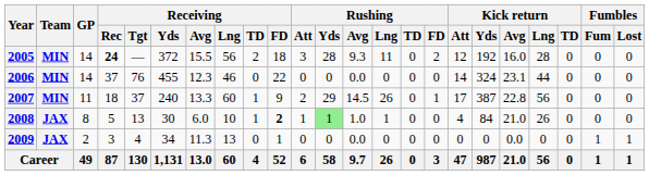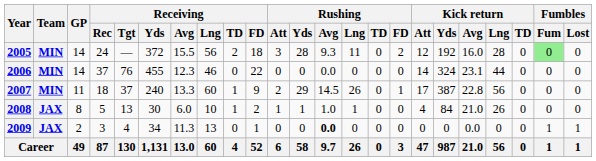 <table class="wikitable" style="text-align: center;">
 <tr>
 <th rowspan="2">Year</th>
 <th rowspan="2">Team</th>
 <th rowspan="2">GP</th>
 <th colspan="7">Receiving</th>
 <th colspan="6">Rushing</th>
 <th colspan="5">Kick return</th>
 <th colspan="2">Fumbles</th>
 </tr>
 <tr>
 <th>Rec</th>
 <th>Tgt</th>
 <th>Yds</th>
 <th>Avg</th>
 <th>Lng</th>
 <th>TD</th>
 <th>FD</th>
 <th>Att</th>
 <th>Yds</th>
 <th>Avg</th>
 <th>Lng</th>
 <th>TD</th>
 <th>FD</th>
 <th>Att</th>
 <th>Yds</th>
 <th>Avg</th>
 <th>Lng</th>
 <th>TD</th>
 <th>Fum</th>
 <th>Lost</th>
 </tr>
 <tr>
 <th><a href='#'>2005</a></th>
 <th><a href='#'>MIN</a></th>
 <td>14</td>
-<td><strong>24</strong></td>
+<td>24</td>
 <td>—</td>
 <td>372</td>
 <td>15.5</td>
 <td>56</td>
 <td>2</td>
 <td>18</td>
 <td>3</td>
 <td>28</td>
 <td>9.3</td>
 <td>11</td>
 <td>0</td>
 <td>2</td>
 <td>12</td>
 <td>192</td>
 <td>16.0</td>
 <td>28</td>
 <td>0</td>
-<td>0</td>
+<td style="background: lightgreen;">0</td>
 <td>0</td>
 </tr>
 <tr>
 <th><a href='#'>2006</a></th>
 <th><a href='#'>MIN</a></th>
 <td>14</td>
 <td>37</td>
 <td>76</td>
 <td>455</td>
 <td>12.3</td>
 <td>46</td>
 <td>0</td>
 <td>22</td>
 <td>0</td>
 <td>0</td>
 <td>0.0</td>
 <td>0</td>
 <td>0</td>
 <td>0</td>
 <td>14</td>
 <td>324</td>
 <td>23.1</td>
 <td>44</td>
 <td>0</td>
 <td>0</td>
 <td>0</td>
 </tr>
 <tr>
 <th><a href='#'>2007</a></th>
 <th><a href='#'>MIN</a></th>
 <td>11</td>
 <td>18</td>
 <td>37</td>
 <td>240</td>
 <td>13.3</td>
 <td>60</td>
 <td>1</td>
 <td>9</td>
 <td>2</td>
 <td>29</td>
 <td>14.5</td>
 <td>26</td>
 <td>0</td>
 <td>1</td>
 <td>17</td>
 <td>387</td>
 <td>22.8</td>
 <td>56</td>
 <td>0</td>
 <td>0</td>
 <td>0</td>
 </tr>
 <tr>
 <th><a href='#'>2008</a></th>
 <th><a href='#'>JAX</a></th>
 <td>8</td>
 <td>5</td>
 <td>13</td>
 <td>30</td>
 <td>6.0</td>
 <td>10</td>
 <td>1</td>
-<td><strong>2</strong></td>
+<td>2</td>
 <td>1</td>
-<td style="background: lightgreen;">1</td>
+<td>1</td>
 <td>1.0</td>
 <td>1</td>
 <td>0</td>
 <td>0</td>
 <td>4</td>
 <td>84</td>
 <td>21.0</td>
 <td>26</td>
 <td>0</td>
 <td>0</td>
 <td>0</td>
 </tr>
 <tr>
 <th><a href='#'>2009</a></th>
 <th><a href='#'>JAX</a></th>
 <td>2</td>
 <td>3</td>
 <td>4</td>
 <td>34</td>
 <td>11.3</td>
 <td>13</td>
 <td>0</td>
 <td>1</td>
 <td>0</td>
 <td>0</td>
-<td>0.0</td>
+<td><strong>0.0</strong></td>
 <td>0</td>
 <td>0</td>
 <td>0</td>
 <td>0</td>
 <td>0</td>
 <td>0.0</td>
 <td>0</td>
 <td>0</td>
 <td>1</td>
 <td>1</td>
 </tr>
 <tr>
 <th colspan="2">Career</th>
 <th>49</th>
 <th>87</th>
 <th>130</th>
 <th>1,131</th>
 <th>13.0</th>
 <th>60</th>
 <th>4</th>
 <th>52</th>
 <th>6</th>
 <th>58</th>
 <th>9.7</th>
 <th>26</th>
 <th>0</th>
 <th>3</th>
 <th>47</th>
 <th>987</th>
 <th>21.0</th>
 <th>56</th>
 <th>0</th>
 <th>1</th>
 <th>1</th>
 </tr>
 </table>
